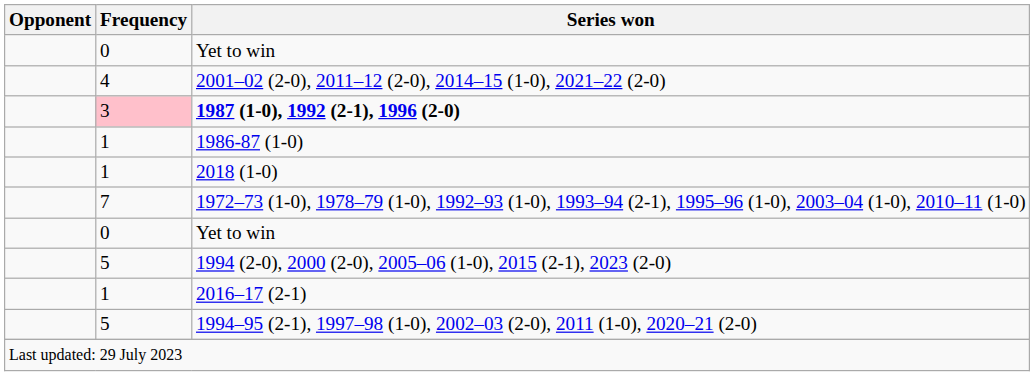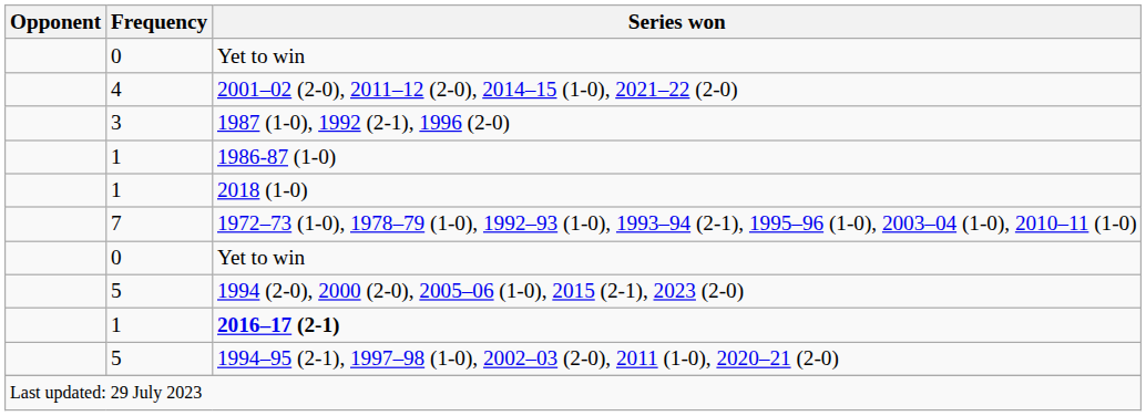 <table class="wikitable plainrowheaders sortable">
 <tr>
 <th>Opponent</th>
 <th>Frequency</th>
 <th>Series won</th>
 </tr>
 <tr>
 <td></td>
 <td>0</td>
 <td>Yet to win</td>
 </tr>
 <tr>
 <td></td>
 <td>4</td>
 <td><a href='#'>2001–02</a> (2-0), <a href='#'>2011–12</a> (2-0), <a href='#'>2014–15</a> (1-0), <a href='#'>2021–22</a> (2-0)</td>
 </tr>
 <tr>
 <td></td>
-<td style="background: pink;">3</td>
-<td><strong><a href='#'>1987</a> (1-0), <a href='#'>1992</a> (2-1), <a href='#'>1996</a> (2-0)</strong></td>
+<td>3</td>
+<td><a href='#'>1987</a> (1-0), <a href='#'>1992</a> (2-1), <a href='#'>1996</a> (2-0)</td>
 </tr>
 <tr>
 <td></td>
 <td>1</td>
 <td><a href='#'>1986-87</a> (1-0)</td>
 </tr>
 <tr>
 <td></td>
 <td>1</td>
 <td><a href='#'>2018</a> (1-0)</td>
 </tr>
 <tr>
 <td></td>
 <td>7</td>
 <td><a href='#'>1972–73</a> (1-0), <a href='#'>1978–79</a> (1-0), <a href='#'>1992–93</a> (1-0), <a href='#'>1993–94</a> (2-1), <a href='#'>1995–96</a> (1-0), <a href='#'>2003–04</a> (1-0), <a href='#'>2010–11</a> (1-0)</td>
 </tr>
 <tr>
 <td></td>
 <td>0</td>
 <td>Yet to win</td>
 </tr>
 <tr>
 <td></td>
 <td>5</td>
 <td><a href='#'>1994</a> (2-0), <a href='#'>2000</a> (2-0), <a href='#'>2005–06</a> (1-0), <a href='#'>2015</a> (2-1), <a href='#'>2023</a> (2-0)</td>
 </tr>
 <tr>
 <td></td>
 <td>1</td>
-<td><a href='#'>2016–17</a> (2-1)</td>
+<td><strong><a href='#'>2016–17</a> (2-1)</strong></td>
 </tr>
 <tr>
 <td></td>
 <td>5</td>
 <td><a href='#'>1994–95</a> (2-1), <a href='#'>1997–98</a> (1-0), <a href='#'>2002–03</a> (2-0), <a href='#'>2011</a> (1-0), <a href='#'>2020–21</a> (2-0)</td>
 </tr>
 <tr>
 </tr>
 <tr class=sortbottom>
 <td colspan=5><small>Last updated: 29 July 2023</small></td>
 </tr>
 </table>
